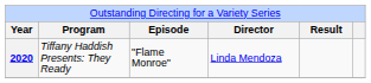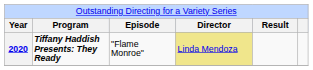 <table class="wikitable plainrowheaders" style="font-size: 90%" width=80%>
 <tr ---- bgcolor="#bfd7ff">
 <td colspan=6 align=center><a href='#'>Outstanding Directing for a Variety Series</a></td>
 </tr>
 <tr ---- bgcolor="#bfd7ff">
 <th scope="col" style="width:2%;">Year</th>
 <th scope="col" style="width:15%;">Program</th>
 <th scope="col" style="width:13%;">Episode</th>
 <th scope="col" style="width:15%;">Director</th>
 <th scope="col" style="width:7%;">Result</th>
 <th scope="col" style="width:2%;"></th>
 </tr>
 <tr>
 <th scope=row><a href='#'>2020</a></th>
-<td><em>Tiffany Haddish Presents: They Ready</em></td>
+<td><strong><em>Tiffany Haddish Presents: They Ready</em></strong></td>
 <td>"Flame Monroe"</td>
-<td><a href='#'>Linda Mendoza</a></td>
+<td style="background: khaki;"><a href='#'>Linda Mendoza</a></td>
 <td></td>
 <td></td>
 </tr>
 <tr>
 </tr>
 </table>
